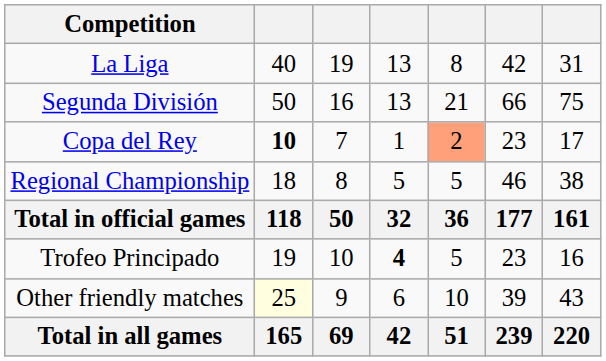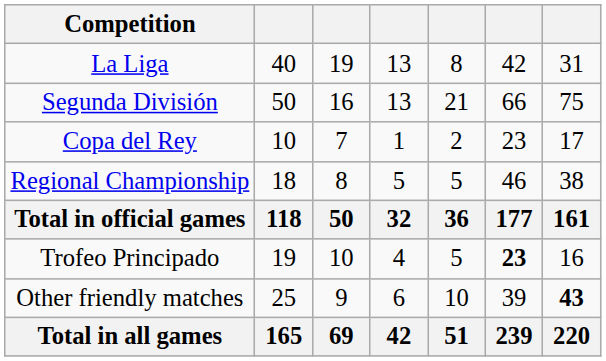 <table class="wikitable" style="text-align:center">
 <tr>
 <th>Competition</th>
 <th width=30></th>
 <th width=30></th>
 <th width=30></th>
 <th width=30></th>
 <th width=30></th>
 <th width=30></th>
 </tr>
 <tr>
 <td><a href='#'>La Liga</a></td>
 <td>40</td>
 <td>19</td>
 <td>13</td>
 <td>8</td>
 <td>42</td>
 <td>31</td>
 </tr>
 <tr>
 <td><a href='#'>Segunda División</a></td>
 <td>50</td>
 <td>16</td>
 <td>13</td>
 <td>21</td>
 <td>66</td>
 <td>75</td>
 </tr>
 <tr>
 <td><a href='#'>Copa del Rey</a></td>
-<td><strong>10</strong></td>
+<td>10</td>
 <td>7</td>
 <td>1</td>
-<td style="background: lightsalmon;">2</td>
+<td>2</td>
 <td>23</td>
 <td>17</td>
 </tr>
 <tr>
 <td><a href='#'>Regional Championship</a></td>
 <td>18</td>
 <td>8</td>
 <td>5</td>
 <td>5</td>
 <td>46</td>
 <td>38</td>
 </tr>
 <tr>
 <th>Total in official games</th>
 <th>118</th>
 <th>50</th>
 <th>32</th>
 <th>36</th>
 <th>177</th>
 <th>161</th>
 </tr>
 <tr>
 <td>Trofeo Principado</td>
 <td>19</td>
 <td>10</td>
-<td><strong>4</strong></td>
+<td>4</td>
 <td>5</td>
-<td>23</td>
+<td><strong>23</strong></td>
 <td>16</td>
 </tr>
 <tr>
 <td>Other friendly matches</td>
-<td style="background: lightyellow;">25</td>
+<td>25</td>
 <td>9</td>
 <td>6</td>
 <td>10</td>
 <td>39</td>
-<td>43</td>
+<td><strong>43</strong></td>
 </tr>
 <tr>
 <th>Total in all games</th>
 <th>165</th>
 <th>69</th>
 <th>42</th>
 <th>51</th>
 <th>239</th>
 <th>220</th>
 </tr>
 </table>
